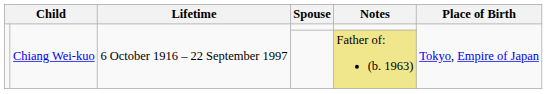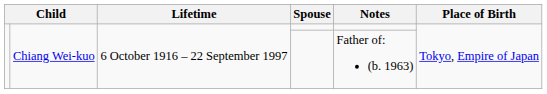 <table class="wikitable">
 <tr>
 <th colspan="2">Child</th>
 <th>Lifetime</th>
 <th>Spouse</th>
 <th>Notes</th>
 <th>Place of Birth</th>
 </tr>
 <tr>
 <td rowspan=2></td>
 <td rowspan=2><a href='#'>Chiang Wei-kuo</a></td>
 <td rowspan=2>6 October 1916 – 22 September 1997</td>
 <td></td>
 <td></td>
 <td rowspan=2><a href='#'>Tokyo</a>, <a href='#'>Empire of Japan</a></td>
 </tr>
 <tr>
 <td></td>
-<td style="background: khaki;">Father of:<br><ul><li> (b. 1963)</li></ul></td>
+<td>Father of:<br><ul><li> (b. 1963)</li></ul></td>
 </tr>
 </table>
